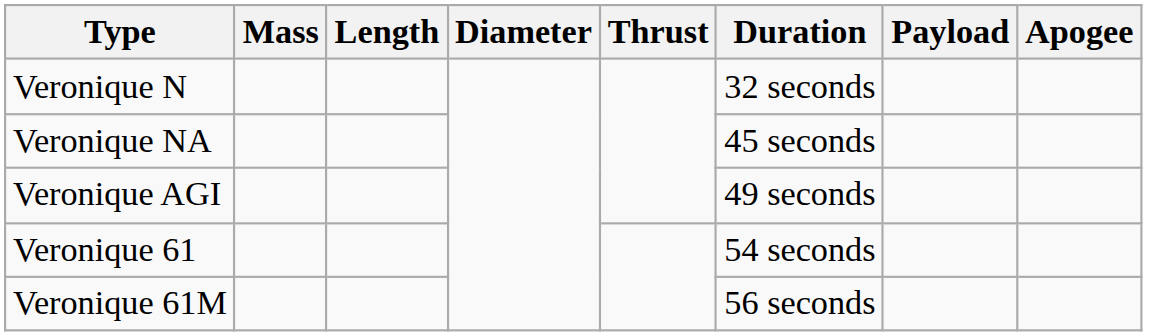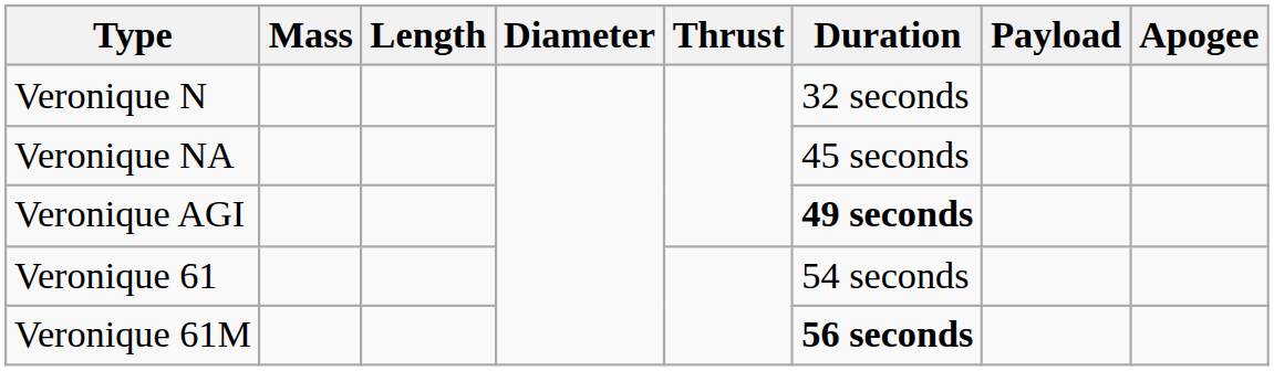 <table class="wikitable sortable">
 <tr>
 <th>Type</th>
 <th>Mass</th>
 <th>Length</th>
 <th>Diameter</th>
 <th>Thrust</th>
 <th>Duration</th>
 <th>Payload</th>
 <th>Apogee</th>
 </tr>
 <tr>
 <td>Veronique N</td>
 <td></td>
 <td></td>
 <td rowspan="5"></td>
 <td rowspan="3"></td>
 <td>32 seconds</td>
 <td></td>
 <td></td>
 </tr>
 <tr>
 <td>Veronique NA</td>
 <td></td>
 <td></td>
 <td>45 seconds</td>
 <td></td>
 <td></td>
 </tr>
 <tr>
 <td>Veronique AGI</td>
 <td></td>
 <td></td>
-<td>49 seconds</td>
+<td><strong>49 seconds</strong></td>
 <td></td>
 <td></td>
 </tr>
 <tr>
 <td>Veronique 61</td>
 <td></td>
 <td></td>
 <td rowspan="2"></td>
 <td>54 seconds</td>
 <td></td>
 <td></td>
 </tr>
 <tr>
 <td>Veronique 61M</td>
 <td></td>
 <td></td>
-<td>56 seconds</td>
+<td><strong>56 seconds</strong></td>
 <td></td>
 <td></td>
 </tr>
 </table>
